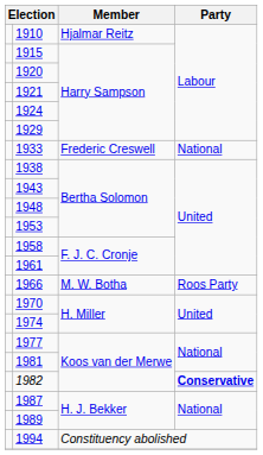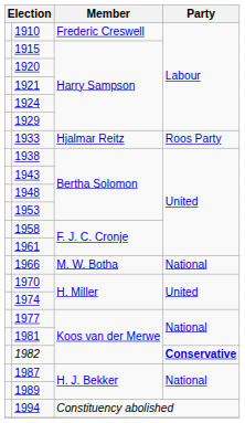 <table class="wikitable">
 <tr>
 <th colspan="2">Election</th>
 <th>Member</th>
 <th>Party</th>
 </tr>
 <tr>
 <td style="background-color: "></td>
 <td><a href='#'>1910</a></td>
-<td><a href='#'>Hjalmar Reitz</a></td>
+<td><a href='#'>Frederic Creswell</a></td>
 <td rowspan="6"><a href='#'>Labour</a></td>
 </tr>
 <tr>
 <td style="background-color: "></td>
 <td><a href='#'>1915</a></td>
 <td rowspan="5"><a href='#'>Harry Sampson</a></td>
 </tr>
 <tr>
 <td style="background-color: "></td>
 <td><a href='#'>1920</a></td>
 </tr>
 <tr>
 <td style="background-color: "></td>
 <td><a href='#'>1921</a></td>
 </tr>
 <tr>
 <td style="background-color: "></td>
 <td><a href='#'>1924</a></td>
 </tr>
 <tr>
 <td style="background-color: "></td>
 <td><a href='#'>1929</a></td>
 </tr>
 <tr>
 <td style="background-color: "></td>
 <td><a href='#'>1933</a></td>
-<td><a href='#'>Frederic Creswell</a></td>
-<td><a href='#'>National</a></td>
+<td><a href='#'>Hjalmar Reitz</a></td>
+<td><a href='#'>Roos Party</a></td>
 </tr>
 <tr>
 <td style="background-color: "></td>
 <td><a href='#'>1938</a></td>
 <td rowspan="4"><a href='#'>Bertha Solomon</a></td>
 <td rowspan="6"><a href='#'>United</a></td>
 </tr>
 <tr>
 <td style="background-color: "></td>
 <td><a href='#'>1943</a></td>
 </tr>
 <tr>
 <td style="background-color: "></td>
 <td><a href='#'>1948</a></td>
 </tr>
 <tr>
 <td style="background-color: "></td>
 <td><a href='#'>1953</a></td>
 </tr>
 <tr>
 <td style="background-color: "></td>
 <td><a href='#'>1958</a></td>
 <td rowspan="2"><a href='#'>F. J. C. Cronje</a></td>
 </tr>
 <tr>
 <td style="background-color: "></td>
 <td><a href='#'>1961</a></td>
 </tr>
 <tr>
 <td style="background-color: "></td>
 <td><a href='#'>1966</a></td>
 <td><a href='#'>M. W. Botha</a></td>
-<td><a href='#'>Roos Party</a></td>
+<td><a href='#'>National</a></td>
 </tr>
 <tr>
 <td style="background-color: "></td>
 <td><a href='#'>1970</a></td>
 <td rowspan="2"><a href='#'>H. Miller</a></td>
 <td rowspan="2"><a href='#'>United</a></td>
 </tr>
 <tr>
 <td style="background-color: "></td>
 <td><a href='#'>1974</a></td>
 </tr>
 <tr>
 <td style="background-color: "></td>
 <td><a href='#'>1977</a></td>
 <td rowspan="3"><a href='#'>Koos van der Merwe</a></td>
 <td rowspan="2"><a href='#'>National</a></td>
 </tr>
 <tr>
 <td style="background-color: "></td>
 <td><a href='#'>1981</a></td>
 </tr>
 <tr>
 <td style="background-color: "></td>
 <td><em>1982</em></td>
 <td><strong><a href='#'>Conservative</a></strong></td>
 </tr>
 <tr>
 <td style="background-color: "></td>
 <td><a href='#'>1987</a></td>
 <td rowspan="2"><a href='#'>H. J. Bekker</a></td>
 <td rowspan="2"><a href='#'>National</a></td>
 </tr>
 <tr>
 <td style="background-color: "></td>
 <td><a href='#'>1989</a></td>
 </tr>
 <tr>
 <td style="background-color: "></td>
 <td><a href='#'>1994</a></td>
 <td colspan="2"><em>Constituency abolished</em></td>
 </tr>
 <tr>
 </tr>
 </table>
